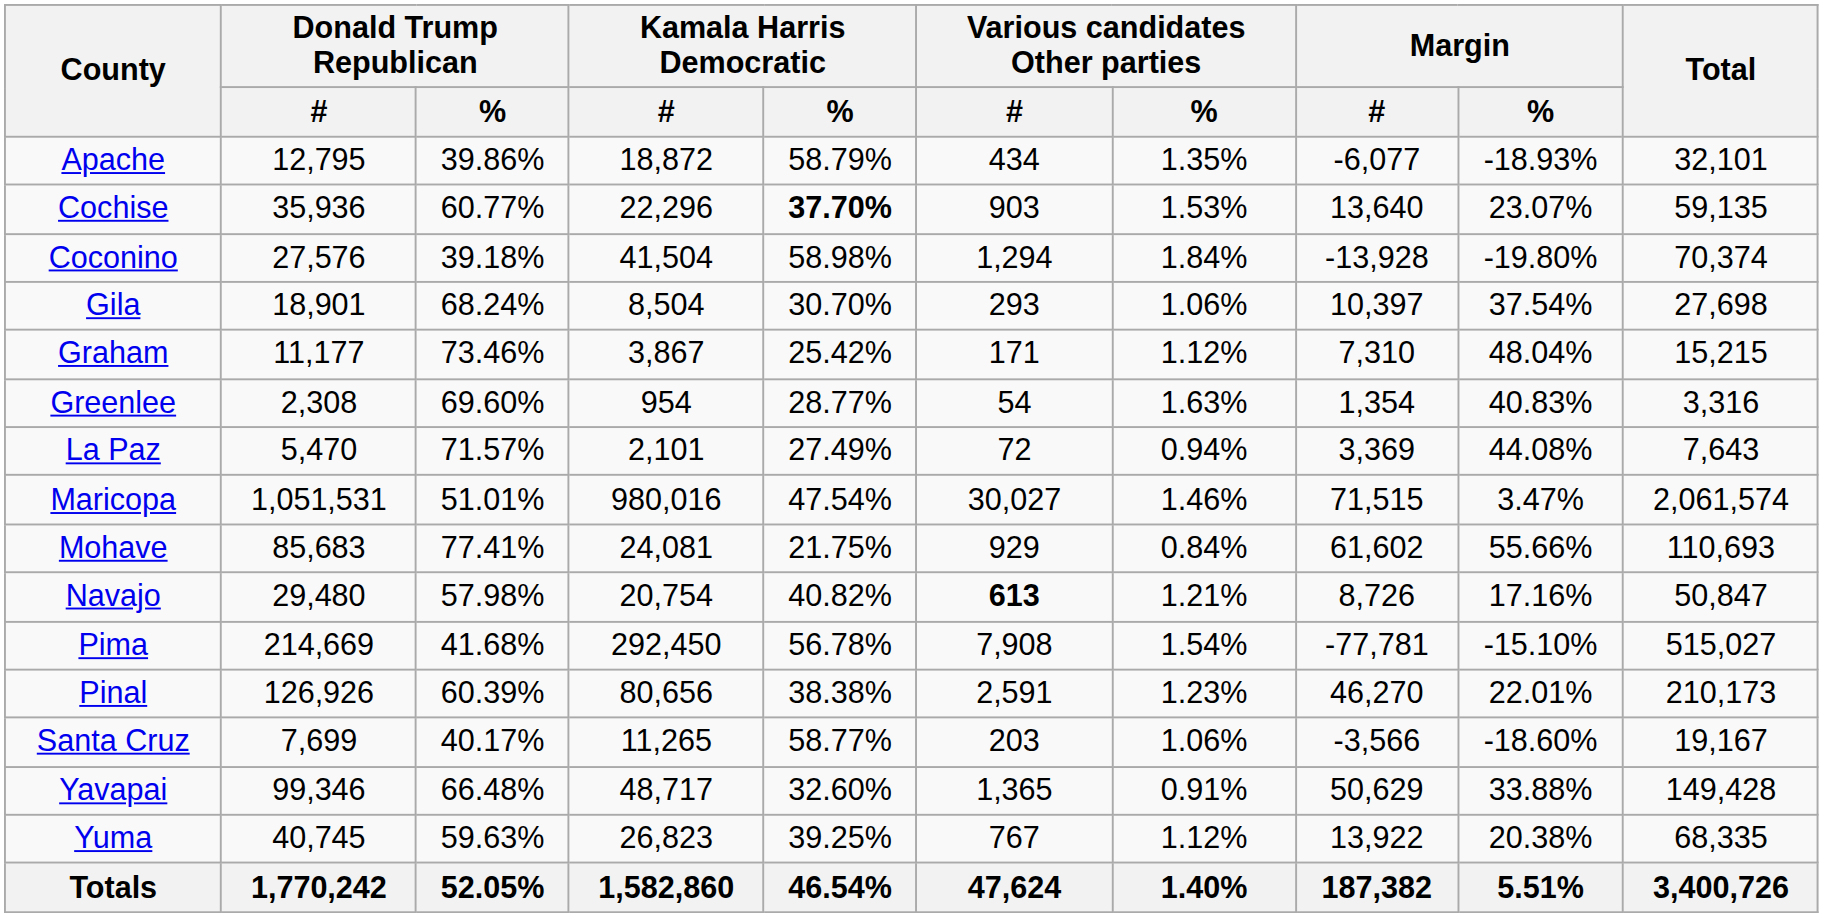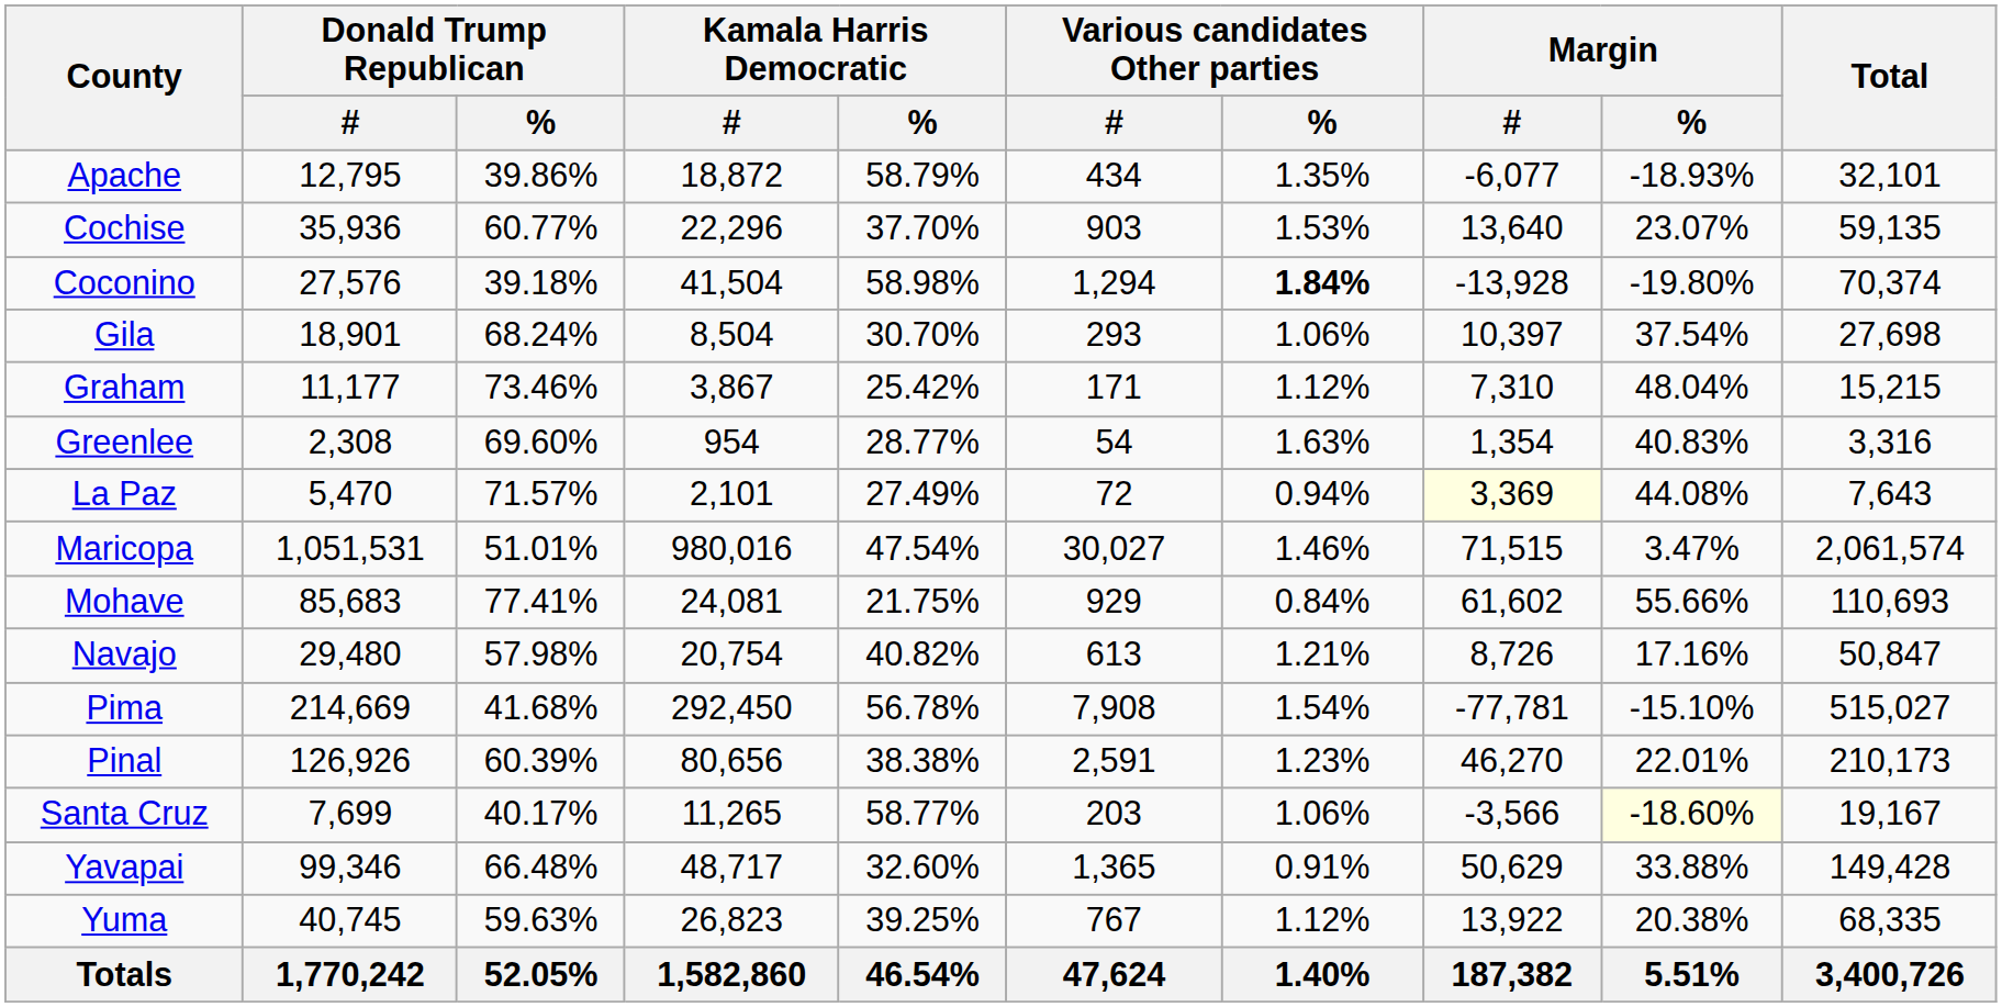 <table class="wikitable sortable" width="60%">
 <tr>
 <th rowspan="2">County</th>
 <th colspan="2">Donald Trump<br>Republican</th>
 <th colspan="2">Kamala Harris<br>Democratic</th>
 <th colspan="2">Various candidates<br>Other parties</th>
 <th colspan="2">Margin</th>
 <th rowspan="2">Total</th>
 </tr>
 <tr>
 <th data-sort-type="number" style="text-align:center;">#</th>
 <th data-sort-type="number" style="text-align:center;">%</th>
 <th data-sort-type="number" style="text-align:center;">#</th>
 <th data-sort-type="number" style="text-align:center;">%</th>
 <th data-sort-type="number" style="text-align:center;">#</th>
 <th data-sort-type="number" style="text-align:center;">%</th>
 <th data-sort-type="number" style="text-align:center;">#</th>
 <th data-sort-type="number" style="text-align:center;">%</th>
 </tr>
 <tr style="text-align:center;">
 <td><a href='#'>Apache</a></td>
 <td>12,795</td>
 <td>39.86%</td>
 <td>18,872</td>
 <td>58.79%</td>
 <td>434</td>
 <td>1.35%</td>
 <td>-6,077</td>
 <td>-18.93%</td>
 <td>32,101</td>
 </tr>
 <tr style="text-align:center;">
 <td><a href='#'>Cochise</a></td>
 <td>35,936</td>
 <td>60.77%</td>
 <td>22,296</td>
-<td><strong>37.70%</strong></td>
+<td>37.70%</td>
 <td>903</td>
 <td>1.53%</td>
 <td>13,640</td>
 <td>23.07%</td>
 <td>59,135</td>
 </tr>
 <tr style="text-align:center;">
 <td><a href='#'>Coconino</a></td>
 <td>27,576</td>
 <td>39.18%</td>
 <td>41,504</td>
 <td>58.98%</td>
 <td>1,294</td>
-<td>1.84%</td>
+<td><strong>1.84%</strong></td>
 <td>-13,928</td>
 <td>-19.80%</td>
 <td>70,374</td>
 </tr>
 <tr style="text-align:center;">
 <td><a href='#'>Gila</a></td>
 <td>18,901</td>
 <td>68.24%</td>
 <td>8,504</td>
 <td>30.70%</td>
 <td>293</td>
 <td>1.06%</td>
 <td>10,397</td>
 <td>37.54%</td>
 <td>27,698</td>
 </tr>
 <tr style="text-align:center;">
 <td><a href='#'>Graham</a></td>
 <td>11,177</td>
 <td>73.46%</td>
 <td>3,867</td>
 <td>25.42%</td>
 <td>171</td>
 <td>1.12%</td>
 <td>7,310</td>
 <td>48.04%</td>
 <td>15,215</td>
 </tr>
 <tr style="text-align:center;">
 <td><a href='#'>Greenlee</a></td>
 <td>2,308</td>
 <td>69.60%</td>
 <td>954</td>
 <td>28.77%</td>
 <td>54</td>
 <td>1.63%</td>
 <td>1,354</td>
 <td>40.83%</td>
 <td>3,316</td>
 </tr>
 <tr style="text-align:center;">
 <td><a href='#'>La Paz</a></td>
 <td>5,470</td>
 <td>71.57%</td>
 <td>2,101</td>
 <td>27.49%</td>
 <td>72</td>
 <td>0.94%</td>
-<td>3,369</td>
+<td style="background: lightyellow;">3,369</td>
 <td>44.08%</td>
 <td>7,643</td>
 </tr>
 <tr style="text-align:center;">
 <td><a href='#'>Maricopa</a></td>
 <td>1,051,531</td>
 <td>51.01%</td>
 <td>980,016</td>
 <td>47.54%</td>
 <td>30,027</td>
 <td>1.46%</td>
 <td>71,515</td>
 <td>3.47%</td>
 <td>2,061,574</td>
 </tr>
 <tr style="text-align:center;">
 <td><a href='#'>Mohave</a></td>
 <td>85,683</td>
 <td>77.41%</td>
 <td>24,081</td>
 <td>21.75%</td>
 <td>929</td>
 <td>0.84%</td>
 <td>61,602</td>
 <td>55.66%</td>
 <td>110,693</td>
 </tr>
 <tr style="text-align:center;">
 <td><a href='#'>Navajo</a></td>
 <td>29,480</td>
 <td>57.98%</td>
 <td>20,754</td>
 <td>40.82%</td>
-<td><strong>613</strong></td>
+<td>613</td>
 <td>1.21%</td>
 <td>8,726</td>
 <td>17.16%</td>
 <td>50,847</td>
 </tr>
 <tr style="text-align:center;">
 <td><a href='#'>Pima</a></td>
 <td>214,669</td>
 <td>41.68%</td>
 <td>292,450</td>
 <td>56.78%</td>
 <td>7,908</td>
 <td>1.54%</td>
 <td>-77,781</td>
 <td>-15.10%</td>
 <td>515,027</td>
 </tr>
 <tr style="text-align:center;">
 <td><a href='#'>Pinal</a></td>
 <td>126,926</td>
 <td>60.39%</td>
 <td>80,656</td>
 <td>38.38%</td>
 <td>2,591</td>
 <td>1.23%</td>
 <td>46,270</td>
 <td>22.01%</td>
 <td>210,173</td>
 </tr>
 <tr style="text-align:center;">
 <td><a href='#'>Santa Cruz</a></td>
 <td>7,699</td>
 <td>40.17%</td>
 <td>11,265</td>
 <td>58.77%</td>
 <td>203</td>
 <td>1.06%</td>
 <td>-3,566</td>
-<td>-18.60%</td>
+<td style="background: lightyellow;">-18.60%</td>
 <td>19,167</td>
 </tr>
 <tr style="text-align:center;">
 <td><a href='#'>Yavapai</a></td>
 <td>99,346</td>
 <td>66.48%</td>
 <td>48,717</td>
 <td>32.60%</td>
 <td>1,365</td>
 <td>0.91%</td>
 <td>50,629</td>
 <td>33.88%</td>
 <td>149,428</td>
 </tr>
 <tr style="text-align:center;">
 <td><a href='#'>Yuma</a></td>
 <td>40,745</td>
 <td>59.63%</td>
 <td>26,823</td>
 <td>39.25%</td>
 <td>767</td>
 <td>1.12%</td>
 <td>13,922</td>
 <td>20.38%</td>
 <td>68,335</td>
 </tr>
 <tr>
 <th>Totals</th>
 <th>1,770,242</th>
 <th>52.05%</th>
 <th>1,582,860</th>
 <th>46.54%</th>
 <th>47,624</th>
 <th>1.40%</th>
 <th>187,382</th>
 <th>5.51%</th>
 <th>3,400,726</th>
 </tr>
 </table>
